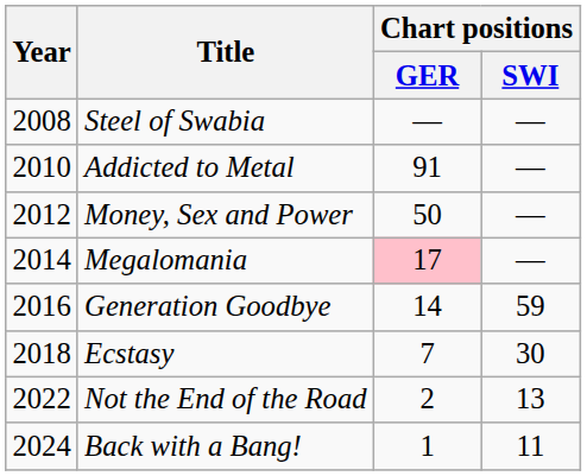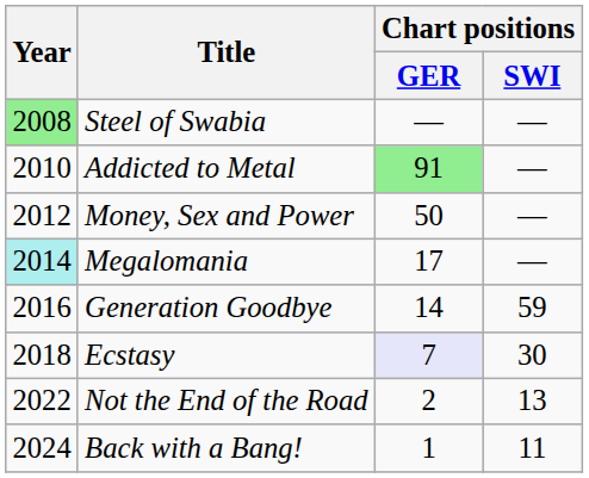 <table class="wikitable">
 <tr>
 <th rowspan="2">Year</th>
 <th rowspan="2">Title</th>
 <th colspan="3">Chart positions</th>
 </tr>
 <tr>
 <th><a href='#'>GER</a><br></th>
 <th><a href='#'>SWI</a><br></th>
 </tr>
 <tr>
-<td>2008</td>
+<td style="background: lightgreen;">2008</td>
 <td><em>Steel of Swabia</em></td>
 <td align="center">—</td>
 <td align="center">—</td>
 </tr>
 <tr>
 <td>2010</td>
 <td><em>Addicted to Metal</em></td>
-<td align="center">91</td>
+<td align="center" style="background: lightgreen;">91</td>
 <td align="center">—</td>
 </tr>
 <tr>
 <td>2012</td>
 <td><em>Money, Sex and Power</em></td>
 <td align="center">50</td>
 <td align="center">—</td>
 </tr>
 <tr>
-<td>2014</td>
+<td style="background: paleturquoise;">2014</td>
 <td><em>Megalomania</em></td>
-<td align="center" style="background: pink;">17</td>
+<td align="center">17</td>
 <td align="center">—</td>
 </tr>
 <tr>
 <td>2016</td>
 <td><em>Generation Goodbye</em></td>
 <td align="center">14</td>
 <td align="center">59</td>
 </tr>
 <tr>
 <td>2018</td>
 <td><em>Ecstasy</em></td>
-<td align="center">7</td>
+<td align="center" style="background: lavender;">7</td>
 <td align="center">30</td>
 </tr>
 <tr>
 <td>2022</td>
 <td><em>Not the End of the Road</em></td>
 <td align="center">2</td>
 <td align="center">13</td>
 </tr>
 <tr>
 <td>2024</td>
 <td><em>Back with a Bang!</em></td>
 <td align="center">1</td>
 <td align="center">11</td>
 </tr>
 </table>
